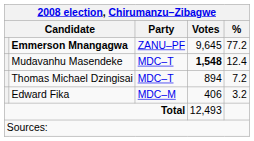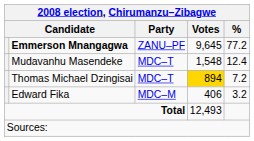 <table class="wikitable">
 <tr>
 <th colspan="5"><a href='#'>2008 election</a>, <a href='#'>Chirumanzu–Zibagwe</a></th>
 </tr>
 <tr>
 <th colspan="2">Candidate</th>
 <th>Party</th>
 <th>Votes</th>
 <th>%</th>
 </tr>
 <tr>
 <th style="background-color: "></th>
 <td><strong>Emmerson Mnangagwa</strong></td>
 <td><a href='#'>ZANU–PF</a></td>
 <td style="text-align:right">9,645</td>
 <td style="text-align:right">77.2</td>
 </tr>
 <tr>
 <th style="background-color: "></th>
 <td>Mudavanhu Masendeke</td>
 <td><a href='#'>MDC–T</a></td>
-<td style="text-align:right"><strong>1,548</strong></td>
+<td style="text-align:right">1,548</td>
 <td style="text-align:right">12.4</td>
 </tr>
 <tr>
 <th style="background-color: "></th>
 <td>Thomas Michael Dzingisai</td>
 <td><a href='#'>MDC–T</a></td>
-<td style="text-align:right">894</td>
+<td style="background: gold; text-align:right">894</td>
 <td style="text-align:right">7.2</td>
 </tr>
 <tr>
 <th style="background-color: "></th>
 <td>Edward Fika</td>
 <td><a href='#'>MDC–M</a></td>
 <td style="text-align:right">406</td>
 <td style="text-align:right">3.2</td>
 </tr>
 <tr>
 <td colspan="3" style="text-align:right"><strong>Total</strong></td>
 <td style="text-align:right">12,493</td>
 <td style="text-align:right"></td>
 </tr>
 <tr>
 <td colspan="5" style="text-align:left">Sources:</td>
 </tr>
 </table>
